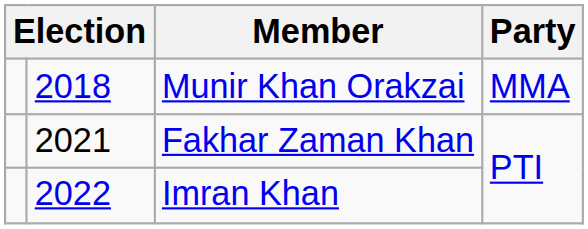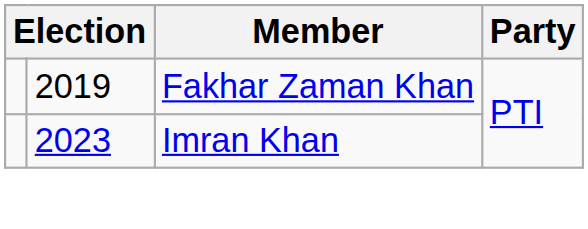 <table class="wikitable">
 <tr>
 <th colspan="2">Election</th>
 <th>Member</th>
 <th>Party</th>
 </tr>
 <tr>
-<td style="background-color: "></td>
-<td><a href='#'>2018</a></td>
-<td><a href='#'>Munir Khan Orakzai</a></td>
-<td><a href='#'>MMA</a></td>
-</tr>
-<tr>
 <td style="background-color:"></td>
-<td>2021</td>
+<td>2019</td>
 <td><a href='#'>Fakhar Zaman Khan</a></td>
 <td rowspan="2"><a href='#'>PTI</a></td>
 </tr>
 <tr>
 <td style="background-color:"></td>
-<td><a href='#'>2022</a></td>
+<td><a href='#'>2023</a></td>
 <td><a href='#'>Imran Khan</a></td>
 </tr>
 </table>
